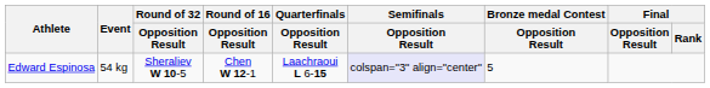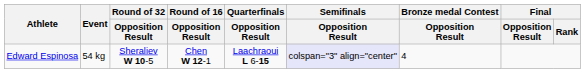 <table class="wikitable" style="font-size:90%">
 <tr>
 <th rowspan="2">Athlete</th>
 <th rowspan="2">Event</th>
 <th colspan="1">Round of 32</th>
 <th colspan="1">Round of 16</th>
 <th colspan="1">Quarterfinals</th>
 <th colspan="1">Semifinals</th>
 <th colspan="1">Bronze medal Contest</th>
 <th colspan="2">Final</th>
 </tr>
 <tr>
 <th>Opposition<br>Result</th>
 <th>Opposition<br>Result</th>
 <th>Opposition<br>Result</th>
 <th>Opposition<br>Result</th>
 <th>Opposition<br>Result</th>
 <th>Opposition<br>Result</th>
 <th>Rank</th>
 </tr>
 <tr>
 <td><a href='#'>Edward Espinosa</a></td>
 <td>54 kg</td>
 <td align=center> <a href='#'>Sheraliev</a> <br><strong>W</strong> <strong>10</strong>-5</td>
 <td align=center> <a href='#'>Chen</a> <br><strong>W</strong> <strong>12</strong>-1</td>
 <td align=center> <a href='#'>Laachraoui</a> <br><strong>L</strong> 6-<strong>15</strong></td>
 <td style="background: lavender;">colspan="3" align="center" </td>
-<td>5</td>
+<td>4</td>
 </tr>
 </table>
